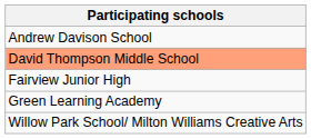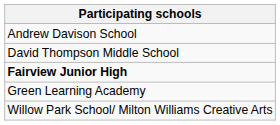 <table class="wikitable" align=right>
 <tr>
 <th>Participating schools</th>
 </tr>
 <tr>
 <td>Andrew Davison School</td>
 </tr>
 <tr>
-<td style="background: lightsalmon;">David Thompson Middle School</td>
+<td>David Thompson Middle School</td>
 </tr>
 <tr>
-<td>Fairview Junior High</td>
+<td><strong>Fairview Junior High</strong></td>
 </tr>
 <tr>
 <td>Green Learning Academy</td>
 </tr>
 <tr>
 <td>Willow Park School/ Milton Williams Creative Arts</td>
 </tr>
 </table>
